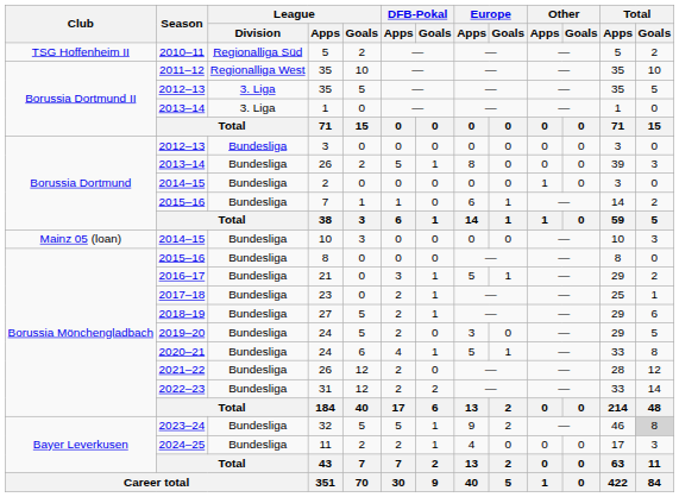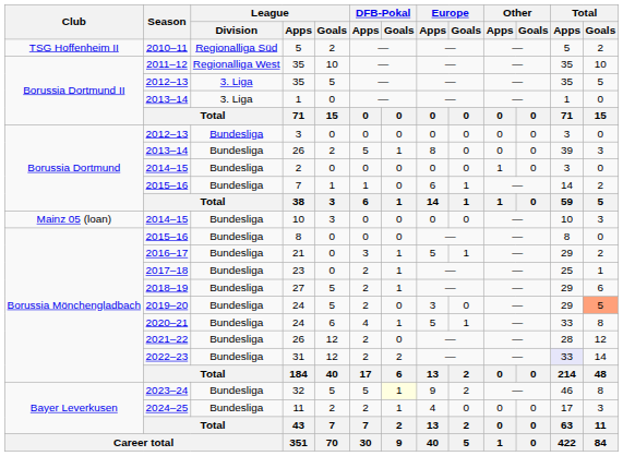 <table class="wikitable" Style="text-align: center;font-size:100%">
 <tr>
 <th rowspan="2">Club</th>
 <th rowspan="2">Season</th>
 <th colspan="3">League</th>
 <th colspan="2"><a href='#'>DFB-Pokal</a></th>
 <th colspan="2"><a href='#'>Europe</a></th>
 <th colspan="2">Other</th>
 <th colspan="2">Total</th>
 </tr>
 <tr>
 <th>Division</th>
 <th>Apps</th>
 <th>Goals</th>
 <th>Apps</th>
 <th>Goals</th>
 <th>Apps</th>
 <th>Goals</th>
 <th>Apps</th>
 <th>Goals</th>
 <th>Apps</th>
 <th>Goals</th>
 </tr>
 <tr>
 <td><a href='#'>TSG Hoffenheim II</a></td>
 <td><a href='#'>2010–11</a></td>
 <td><a href='#'>Regionalliga Süd</a></td>
 <td>5</td>
 <td>2</td>
 <td colspan="2">—</td>
 <td colspan="2">—</td>
 <td colspan="2">—</td>
 <td>5</td>
 <td>2</td>
 </tr>
 <tr>
 <td rowspan="4"><a href='#'>Borussia Dortmund II</a></td>
 <td><a href='#'>2011–12</a></td>
 <td><a href='#'>Regionalliga West</a></td>
 <td>35</td>
 <td>10</td>
 <td colspan="2">—</td>
 <td colspan="2">—</td>
 <td colspan="2">—</td>
 <td>35</td>
 <td>10</td>
 </tr>
 <tr>
 <td><a href='#'>2012–13</a></td>
 <td><a href='#'>3. Liga</a></td>
 <td>35</td>
 <td>5</td>
 <td colspan="2">—</td>
 <td colspan="2">—</td>
 <td colspan="2">—</td>
 <td>35</td>
 <td>5</td>
 </tr>
 <tr>
 <td><a href='#'>2013–14</a></td>
 <td>3. Liga</td>
 <td>1</td>
 <td>0</td>
 <td colspan="2">—</td>
 <td colspan="2">—</td>
 <td colspan="2">—</td>
 <td>1</td>
 <td>0</td>
 </tr>
 <tr>
 <th colspan="2">Total</th>
 <th>71</th>
 <th>15</th>
 <th>0</th>
 <th>0</th>
 <th>0</th>
 <th>0</th>
 <th>0</th>
 <th>0</th>
 <th>71</th>
 <th>15</th>
 </tr>
 <tr>
 <td rowspan="5"><a href='#'>Borussia Dortmund</a></td>
 <td><a href='#'>2012–13</a></td>
 <td><a href='#'>Bundesliga</a></td>
 <td>3</td>
 <td>0</td>
 <td>0</td>
 <td>0</td>
 <td>0</td>
 <td>0</td>
 <td>0</td>
 <td>0</td>
 <td>3</td>
 <td>0</td>
 </tr>
 <tr>
 <td><a href='#'>2013–14</a></td>
 <td>Bundesliga</td>
 <td>26</td>
 <td>2</td>
 <td>5</td>
 <td>1</td>
 <td>8</td>
 <td>0</td>
 <td>0</td>
 <td>0</td>
 <td>39</td>
 <td>3</td>
 </tr>
 <tr>
 <td><a href='#'>2014–15</a></td>
 <td>Bundesliga</td>
 <td>2</td>
 <td>0</td>
 <td>0</td>
 <td>0</td>
 <td>0</td>
 <td>0</td>
 <td>1</td>
 <td>0</td>
 <td>3</td>
 <td>0</td>
 </tr>
 <tr>
 <td><a href='#'>2015–16</a></td>
 <td>Bundesliga</td>
 <td>7</td>
 <td>1</td>
 <td>1</td>
 <td>0</td>
 <td>6</td>
 <td>1</td>
 <td colspan="2">—</td>
 <td>14</td>
 <td>2</td>
 </tr>
 <tr>
 <th colspan="2">Total</th>
 <th>38</th>
 <th>3</th>
 <th>6</th>
 <th>1</th>
 <th>14</th>
 <th>1</th>
 <th>1</th>
 <th>0</th>
 <th>59</th>
 <th>5</th>
 </tr>
 <tr>
 <td><a href='#'>Mainz 05</a> (loan)</td>
 <td><a href='#'>2014–15</a></td>
 <td>Bundesliga</td>
 <td>10</td>
 <td>3</td>
 <td>0</td>
 <td>0</td>
 <td>0</td>
 <td>0</td>
 <td colspan="2">—</td>
 <td>10</td>
 <td>3</td>
 </tr>
 <tr>
 <td rowspan="9"><a href='#'>Borussia Mönchengladbach</a></td>
 <td><a href='#'>2015–16</a></td>
 <td>Bundesliga</td>
 <td>8</td>
 <td>0</td>
 <td>0</td>
 <td>0</td>
 <td colspan="2">—</td>
 <td colspan="2">—</td>
 <td>8</td>
 <td>0</td>
 </tr>
 <tr>
 <td><a href='#'>2016–17</a></td>
 <td>Bundesliga</td>
 <td>21</td>
 <td>0</td>
 <td>3</td>
 <td>1</td>
 <td>5</td>
 <td>1</td>
 <td colspan="2">—</td>
 <td>29</td>
 <td>2</td>
 </tr>
 <tr>
 <td><a href='#'>2017–18</a></td>
 <td>Bundesliga</td>
 <td>23</td>
 <td>0</td>
 <td>2</td>
 <td>1</td>
 <td colspan="2">—</td>
 <td colspan="2">—</td>
 <td>25</td>
 <td>1</td>
 </tr>
 <tr>
 <td><a href='#'>2018–19</a></td>
 <td>Bundesliga</td>
 <td>27</td>
 <td>5</td>
 <td>2</td>
 <td>1</td>
 <td colspan="2">—</td>
 <td colspan="2">—</td>
 <td>29</td>
 <td>6</td>
 </tr>
 <tr>
 <td><a href='#'>2019–20</a></td>
 <td>Bundesliga</td>
 <td>24</td>
 <td>5</td>
 <td>2</td>
 <td>0</td>
 <td>3</td>
 <td>0</td>
 <td colspan="2">—</td>
 <td>29</td>
-<td>5</td>
+<td style="background: lightsalmon;">5</td>
 </tr>
 <tr>
 <td><a href='#'>2020–21</a></td>
 <td>Bundesliga</td>
 <td>24</td>
 <td>6</td>
 <td>4</td>
 <td>1</td>
 <td>5</td>
 <td>1</td>
 <td colspan="2">—</td>
 <td>33</td>
 <td>8</td>
 </tr>
 <tr>
 <td><a href='#'>2021–22</a></td>
 <td>Bundesliga</td>
 <td>26</td>
 <td>12</td>
 <td>2</td>
 <td>0</td>
 <td colspan="2">—</td>
 <td colspan="2">—</td>
 <td>28</td>
 <td>12</td>
 </tr>
 <tr>
 <td><a href='#'>2022–23</a></td>
 <td>Bundesliga</td>
 <td>31</td>
 <td>12</td>
 <td>2</td>
 <td>2</td>
 <td colspan="2">—</td>
 <td colspan="2">—</td>
-<td>33</td>
+<td style="background: lavender;">33</td>
 <td>14</td>
 </tr>
 <tr>
 <th colspan="2">Total</th>
 <th>184</th>
 <th>40</th>
 <th>17</th>
 <th>6</th>
 <th>13</th>
 <th>2</th>
 <th>0</th>
 <th>0</th>
 <th>214</th>
 <th>48</th>
 </tr>
 <tr>
 <td rowspan="3"><a href='#'>Bayer Leverkusen</a></td>
 <td><a href='#'>2023–24</a></td>
 <td>Bundesliga</td>
 <td>32</td>
 <td>5</td>
 <td>5</td>
-<td>1</td>
+<td style="background: lightyellow;">1</td>
 <td>9</td>
 <td>2</td>
 <td colspan="2">—</td>
 <td>46</td>
-<td style="background: lightgrey;">8</td>
+<td>8</td>
 </tr>
 <tr>
 <td><a href='#'>2024–25</a></td>
 <td>Bundesliga</td>
 <td>11</td>
 <td>2</td>
 <td>2</td>
 <td>1</td>
 <td>4</td>
 <td>0</td>
 <td>0</td>
 <td>0</td>
 <td>17</td>
 <td>3</td>
 </tr>
 <tr>
 <th colspan="2">Total</th>
 <th>43</th>
 <th>7</th>
 <th>7</th>
 <th>2</th>
 <th>13</th>
 <th>2</th>
 <th>0</th>
 <th>0</th>
 <th>63</th>
 <th>11</th>
 </tr>
 <tr>
 <th colspan="3">Career total</th>
 <th>351</th>
 <th>70</th>
 <th>30</th>
 <th>9</th>
 <th>40</th>
 <th>5</th>
 <th>1</th>
 <th>0</th>
 <th>422</th>
 <th>84</th>
 </tr>
 </table>
